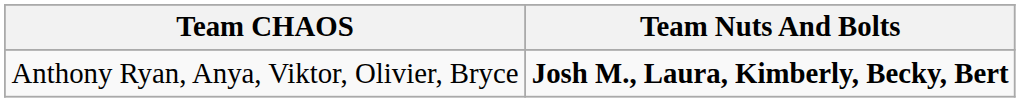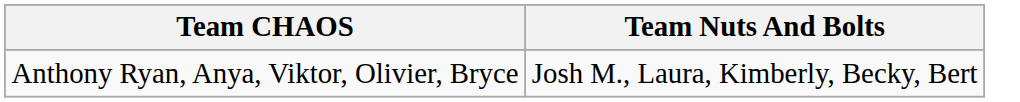 <table class="wikitable">
 <tr>
 <th>Team CHAOS</th>
 <th>Team Nuts And Bolts</th>
 </tr>
 <tr>
 <td>Anthony Ryan, Anya, Viktor, Olivier, Bryce</td>
-<td><strong>Josh M., Laura, Kimberly, Becky, Bert</strong></td>
+<td>Josh M., Laura, Kimberly, Becky, Bert</td>
 </tr>
 </table>
